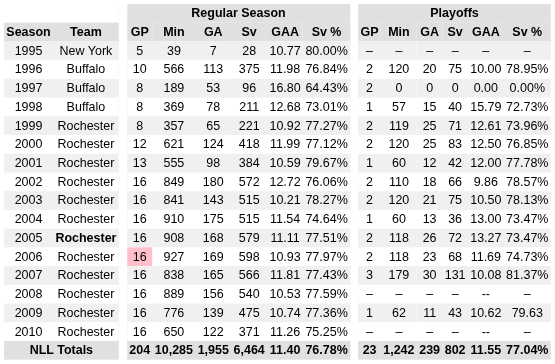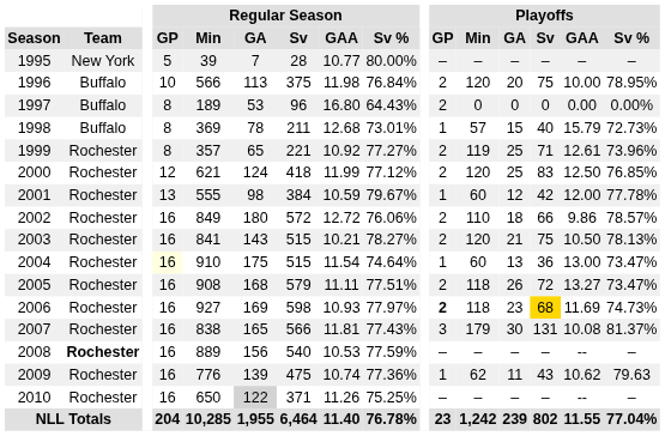 <table BORDER="0" CELLPADDING="3" CELLSPACING="0">
 <tr ALIGN="center" bgcolor="#e0e0e0">
 <th colspan="2" bgcolor="#ffffff"> </th>
 <th rowspan="99" bgcolor="#ffffff"> </th>
 <th colspan="6">Regular Season</th>
 <th rowspan="99" bgcolor="#ffffff"> </th>
 <th colspan="6">Playoffs</th>
 </tr>
 <tr ALIGN="center" bgcolor="#e0e0e0">
 <th>Season</th>
 <th>Team</th>
 <th>GP</th>
 <th>Min</th>
 <th>GA</th>
 <th>Sv</th>
 <th>GAA</th>
 <th>Sv %</th>
 <th>GP</th>
 <th>Min</th>
 <th>GA</th>
 <th>Sv</th>
 <th>GAA</th>
 <th>Sv %</th>
 </tr>
 <tr ALIGN="center" bgcolor="#f0f0f0">
 <td>1995</td>
 <td>New York</td>
 <td>5</td>
 <td>39</td>
 <td>7</td>
 <td>28</td>
 <td>10.77</td>
 <td>80.00%</td>
 <td>–</td>
 <td>–</td>
 <td>–</td>
 <td>–</td>
 <td>–</td>
 <td>–</td>
 </tr>
 <tr ALIGN="center">
 <td>1996</td>
 <td>Buffalo</td>
 <td>10</td>
 <td>566</td>
 <td>113</td>
 <td>375</td>
 <td>11.98</td>
 <td>76.84%</td>
 <td>2</td>
 <td>120</td>
 <td>20</td>
 <td>75</td>
 <td>10.00</td>
 <td>78.95%</td>
 </tr>
 <tr ALIGN="center" bgcolor="#f0f0f0">
 <td>1997</td>
 <td>Buffalo</td>
 <td>8</td>
 <td>189</td>
 <td>53</td>
 <td>96</td>
 <td>16.80</td>
 <td>64.43%</td>
 <td>2</td>
 <td>0</td>
 <td>0</td>
 <td>0</td>
 <td>0.00</td>
 <td>0.00%</td>
 </tr>
 <tr ALIGN="center">
 <td>1998</td>
 <td>Buffalo</td>
 <td>8</td>
 <td>369</td>
 <td>78</td>
 <td>211</td>
 <td>12.68</td>
 <td>73.01%</td>
 <td>1</td>
 <td>57</td>
 <td>15</td>
 <td>40</td>
 <td>15.79</td>
 <td>72.73%</td>
 </tr>
 <tr ALIGN="center" bgcolor="#f0f0f0">
 <td>1999</td>
 <td>Rochester</td>
 <td>8</td>
 <td>357</td>
 <td>65</td>
 <td>221</td>
 <td>10.92</td>
 <td>77.27%</td>
 <td>2</td>
 <td>119</td>
 <td>25</td>
 <td>71</td>
 <td>12.61</td>
 <td>73.96%</td>
 </tr>
 <tr ALIGN="center">
 <td>2000</td>
 <td>Rochester</td>
 <td>12</td>
 <td>621</td>
 <td>124</td>
 <td>418</td>
 <td>11.99</td>
 <td>77.12%</td>
 <td>2</td>
 <td>120</td>
 <td>25</td>
 <td>83</td>
 <td>12.50</td>
 <td>76.85%</td>
 </tr>
 <tr ALIGN="center" bgcolor="#f0f0f0">
 <td>2001</td>
 <td>Rochester</td>
 <td>13</td>
 <td>555</td>
 <td>98</td>
 <td>384</td>
 <td>10.59</td>
 <td>79.67%</td>
 <td>1</td>
 <td>60</td>
 <td>12</td>
 <td>42</td>
 <td>12.00</td>
 <td>77.78%</td>
 </tr>
 <tr ALIGN="center">
 <td>2002</td>
 <td>Rochester</td>
 <td>16</td>
 <td>849</td>
 <td>180</td>
 <td>572</td>
 <td>12.72</td>
 <td>76.06%</td>
 <td>2</td>
 <td>110</td>
 <td>18</td>
 <td>66</td>
 <td>9.86</td>
 <td>78.57%</td>
 </tr>
 <tr ALIGN="center" bgcolor="#f0f0f0">
 <td>2003</td>
 <td>Rochester</td>
 <td>16</td>
 <td>841</td>
 <td>143</td>
 <td>515</td>
 <td>10.21</td>
 <td>78.27%</td>
 <td>2</td>
 <td>120</td>
 <td>21</td>
 <td>75</td>
 <td>10.50</td>
 <td>78.13%</td>
 </tr>
 <tr ALIGN="center">
 <td>2004</td>
 <td>Rochester</td>
-<td>16</td>
+<td style="background: lightyellow;">16</td>
 <td>910</td>
 <td>175</td>
 <td>515</td>
 <td>11.54</td>
 <td>74.64%</td>
 <td>1</td>
 <td>60</td>
 <td>13</td>
 <td>36</td>
 <td>13.00</td>
 <td>73.47%</td>
 </tr>
 <tr ALIGN="center" bgcolor="#f0f0f0">
 <td>2005</td>
-<td><strong>Rochester</strong></td>
+<td>Rochester</td>
 <td>16</td>
 <td>908</td>
 <td>168</td>
 <td>579</td>
 <td>11.11</td>
 <td>77.51%</td>
 <td>2</td>
 <td>118</td>
 <td>26</td>
 <td>72</td>
 <td>13.27</td>
 <td>73.47%</td>
 </tr>
 <tr ALIGN="center">
 <td>2006</td>
 <td>Rochester</td>
-<td style="background: pink;">16</td>
+<td>16</td>
 <td>927</td>
 <td>169</td>
 <td>598</td>
 <td>10.93</td>
 <td>77.97%</td>
-<td>2</td>
+<td><strong>2</strong></td>
 <td>118</td>
 <td>23</td>
-<td>68</td>
+<td style="background: gold;">68</td>
 <td>11.69</td>
 <td>74.73%</td>
 </tr>
 <tr ALIGN="center" bgcolor="#f0f0f0">
 <td>2007</td>
 <td>Rochester</td>
 <td>16</td>
 <td>838</td>
 <td>165</td>
 <td>566</td>
 <td>11.81</td>
 <td>77.43%</td>
 <td>3</td>
 <td>179</td>
 <td>30</td>
 <td>131</td>
 <td>10.08</td>
 <td>81.37%</td>
 </tr>
 <tr ALIGN="center">
 <td>2008</td>
-<td>Rochester</td>
+<td><strong>Rochester</strong></td>
 <td>16</td>
 <td>889</td>
 <td>156</td>
 <td>540</td>
 <td>10.53</td>
 <td>77.59%</td>
 <td>–</td>
 <td>–</td>
 <td>–</td>
 <td>–</td>
 <td>--</td>
 <td>–</td>
 </tr>
 <tr ALIGN="center" bgcolor="#f0f0f0">
 <td>2009</td>
 <td>Rochester</td>
 <td>16</td>
 <td>776</td>
 <td>139</td>
 <td>475</td>
 <td>10.74</td>
 <td>77.36%</td>
 <td>1</td>
 <td>62</td>
 <td>11</td>
 <td>43</td>
 <td>10.62</td>
 <td>79.63</td>
 </tr>
 <tr ALIGN="center">
 <td>2010</td>
 <td>Rochester</td>
 <td>16</td>
 <td>650</td>
-<td>122</td>
+<td style="background: lightgrey;">122</td>
 <td>371</td>
 <td>11.26</td>
 <td>75.25%</td>
 <td>–</td>
 <td>–</td>
 <td>–</td>
 <td>–</td>
 <td>--</td>
 <td>–</td>
 </tr>
 <tr ALIGN="center" bgcolor="#e0e0e0">
 <th colspan="2">NLL Totals</th>
 <th>204</th>
 <th>10,285</th>
 <th>1,955</th>
 <th>6,464</th>
 <th>11.40</th>
 <th>76.78%</th>
 <th>23</th>
 <th>1,242</th>
 <th>239</th>
 <th>802</th>
 <th>11.55</th>
 <th>77.04%</th>
 </tr>
 </table>
